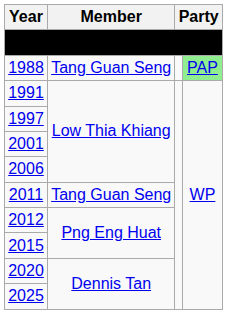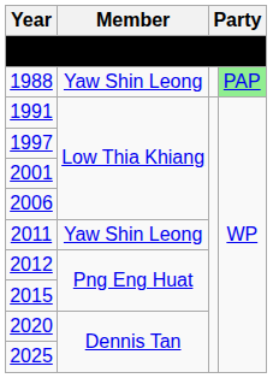 <table class="wikitable" align="center" style="text-align:center">
 <tr>
 <th>Year</th>
 <th>Member</th>
 <th colspan="2">Party</th>
 </tr>
 <tr>
 <td colspan=4 bgcolor=black><span><strong>Formation</strong></span></td>
 </tr>
 <tr>
 <td><a href='#'>1988</a></td>
-<td><a href='#'>Tang Guan Seng</a></td>
+<td><a href='#'>Yaw Shin Leong</a></td>
 <td bgcolor=></td>
 <td style="background: lightgreen;"><a href='#'>PAP</a></td>
 </tr>
 <tr>
 <td><a href='#'>1991</a></td>
 <td rowspan="4"><a href='#'>Low Thia Khiang</a></td>
 <td rowspan="9"></td>
 <td rowspan="9"><a href='#'>WP</a></td>
 </tr>
 <tr>
 <td><a href='#'>1997</a></td>
 </tr>
 <tr>
 <td><a href='#'>2001</a></td>
 </tr>
 <tr>
 <td><a href='#'>2006</a></td>
 </tr>
 <tr>
 <td><a href='#'>2011</a></td>
-<td><a href='#'>Tang Guan Seng</a></td>
+<td><a href='#'>Yaw Shin Leong</a></td>
 </tr>
 <tr>
 <td><a href='#'>2012</a></td>
 <td rowspan="2"><a href='#'>Png Eng Huat</a></td>
 </tr>
 <tr>
 <td><a href='#'>2015</a></td>
 </tr>
 <tr>
 <td><a href='#'>2020</a></td>
 <td rowspan="2"><a href='#'>Dennis Tan</a></td>
 </tr>
 <tr>
 <td><a href='#'>2025</a></td>
 </tr>
 </table>
